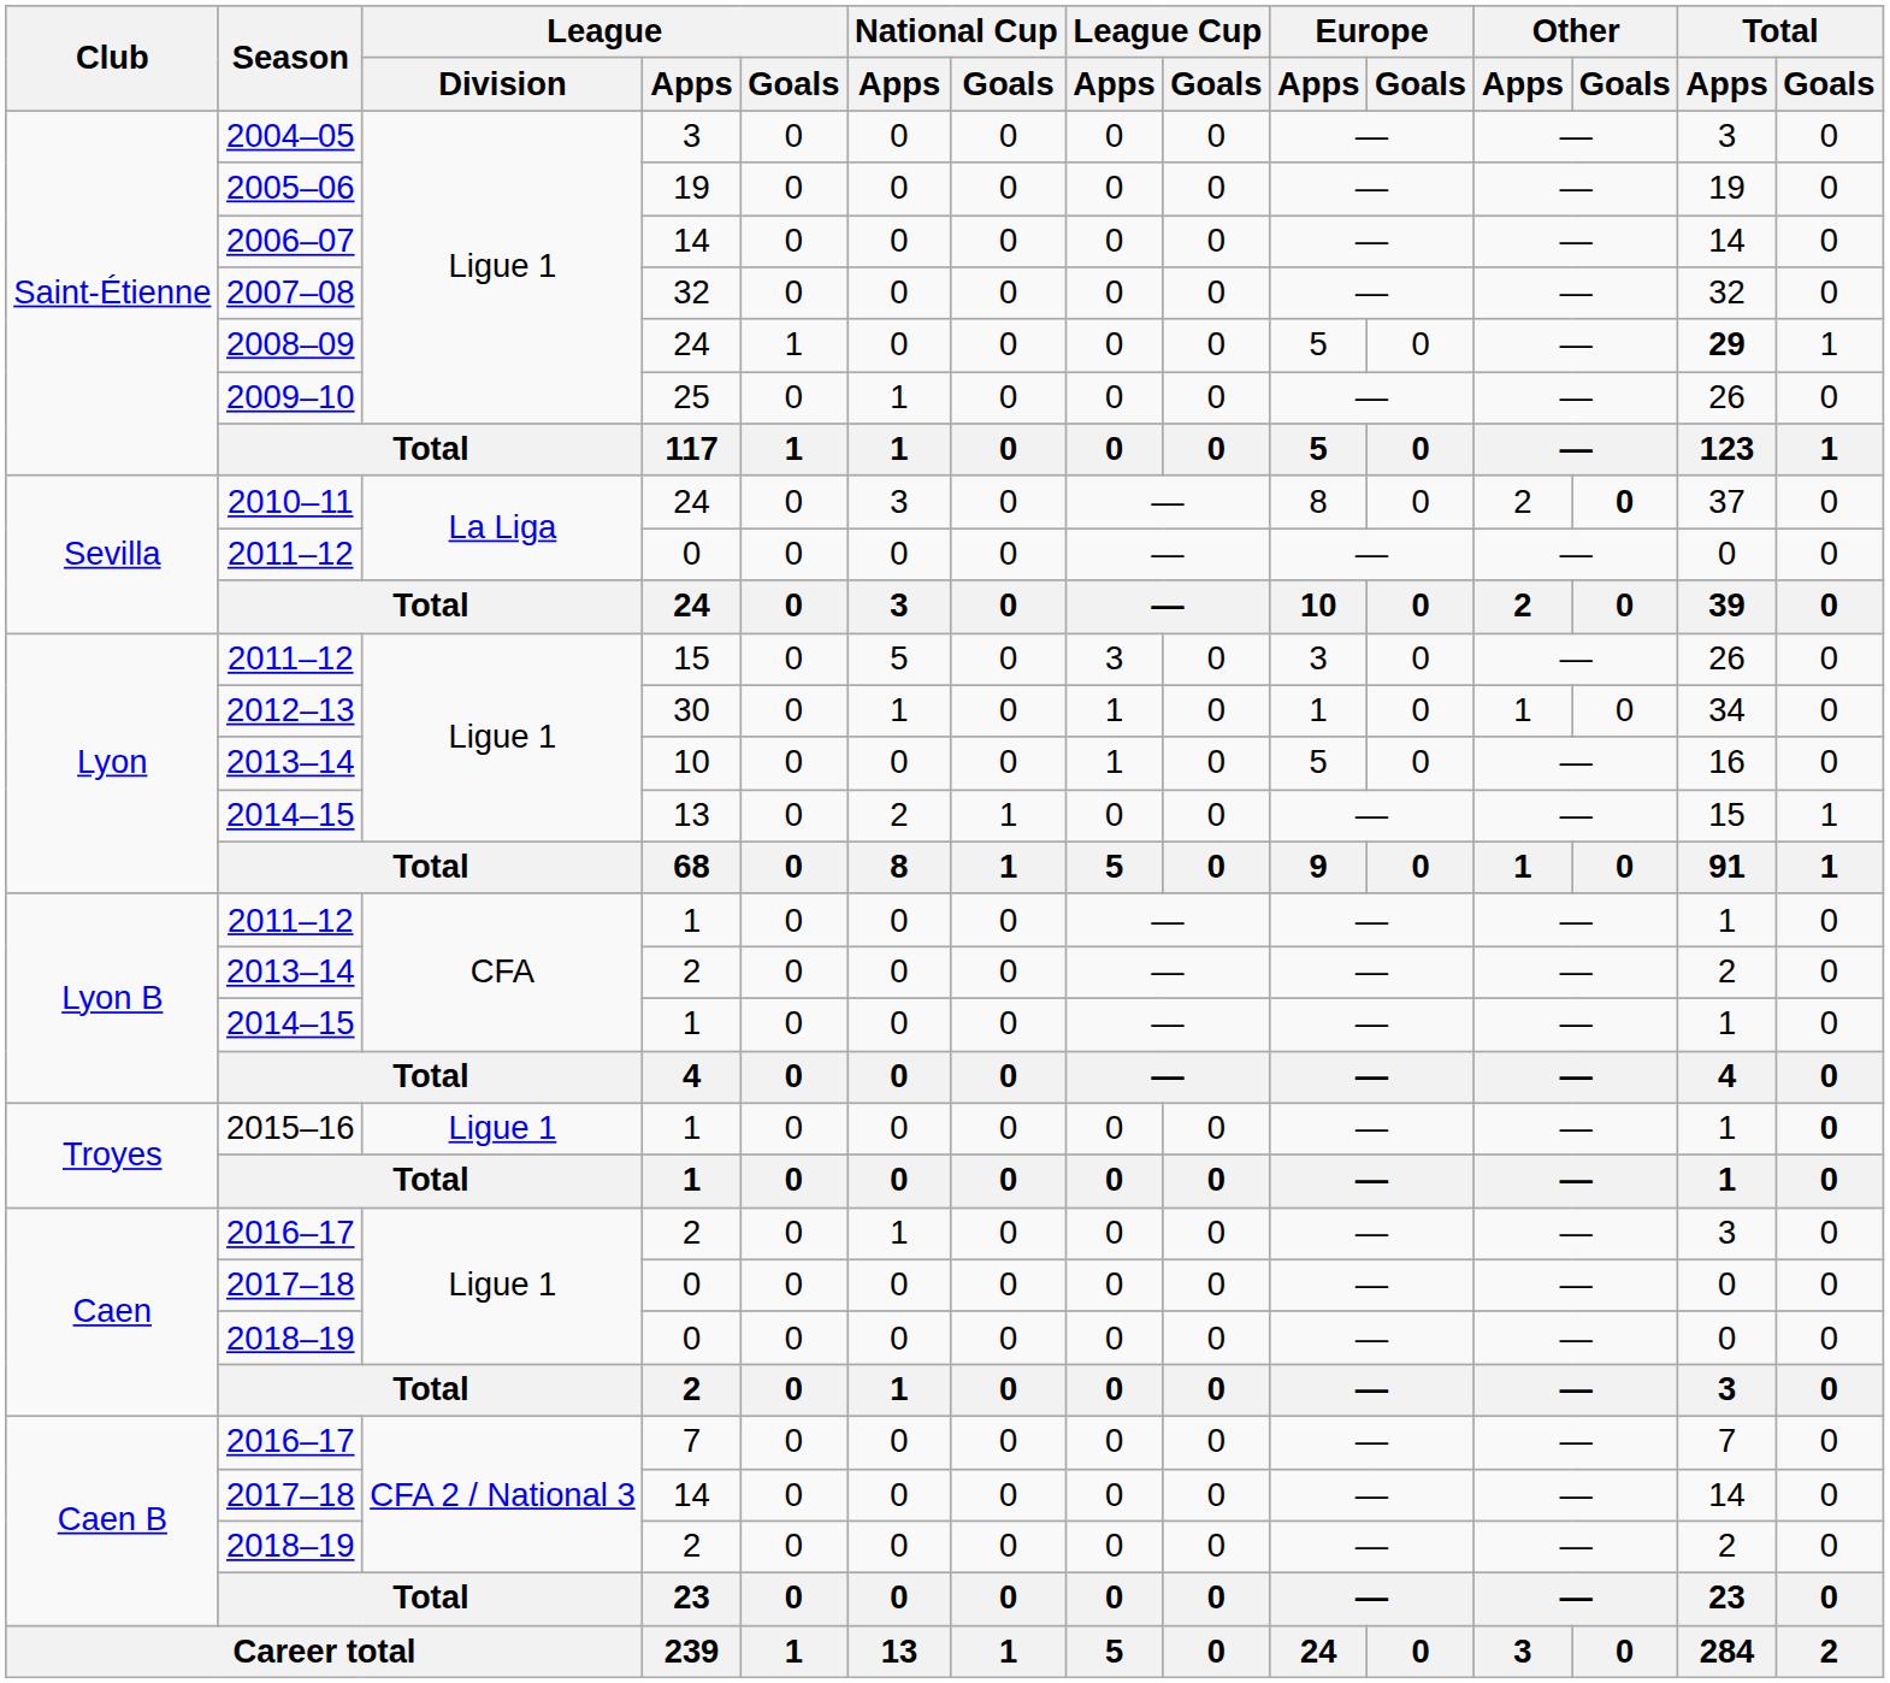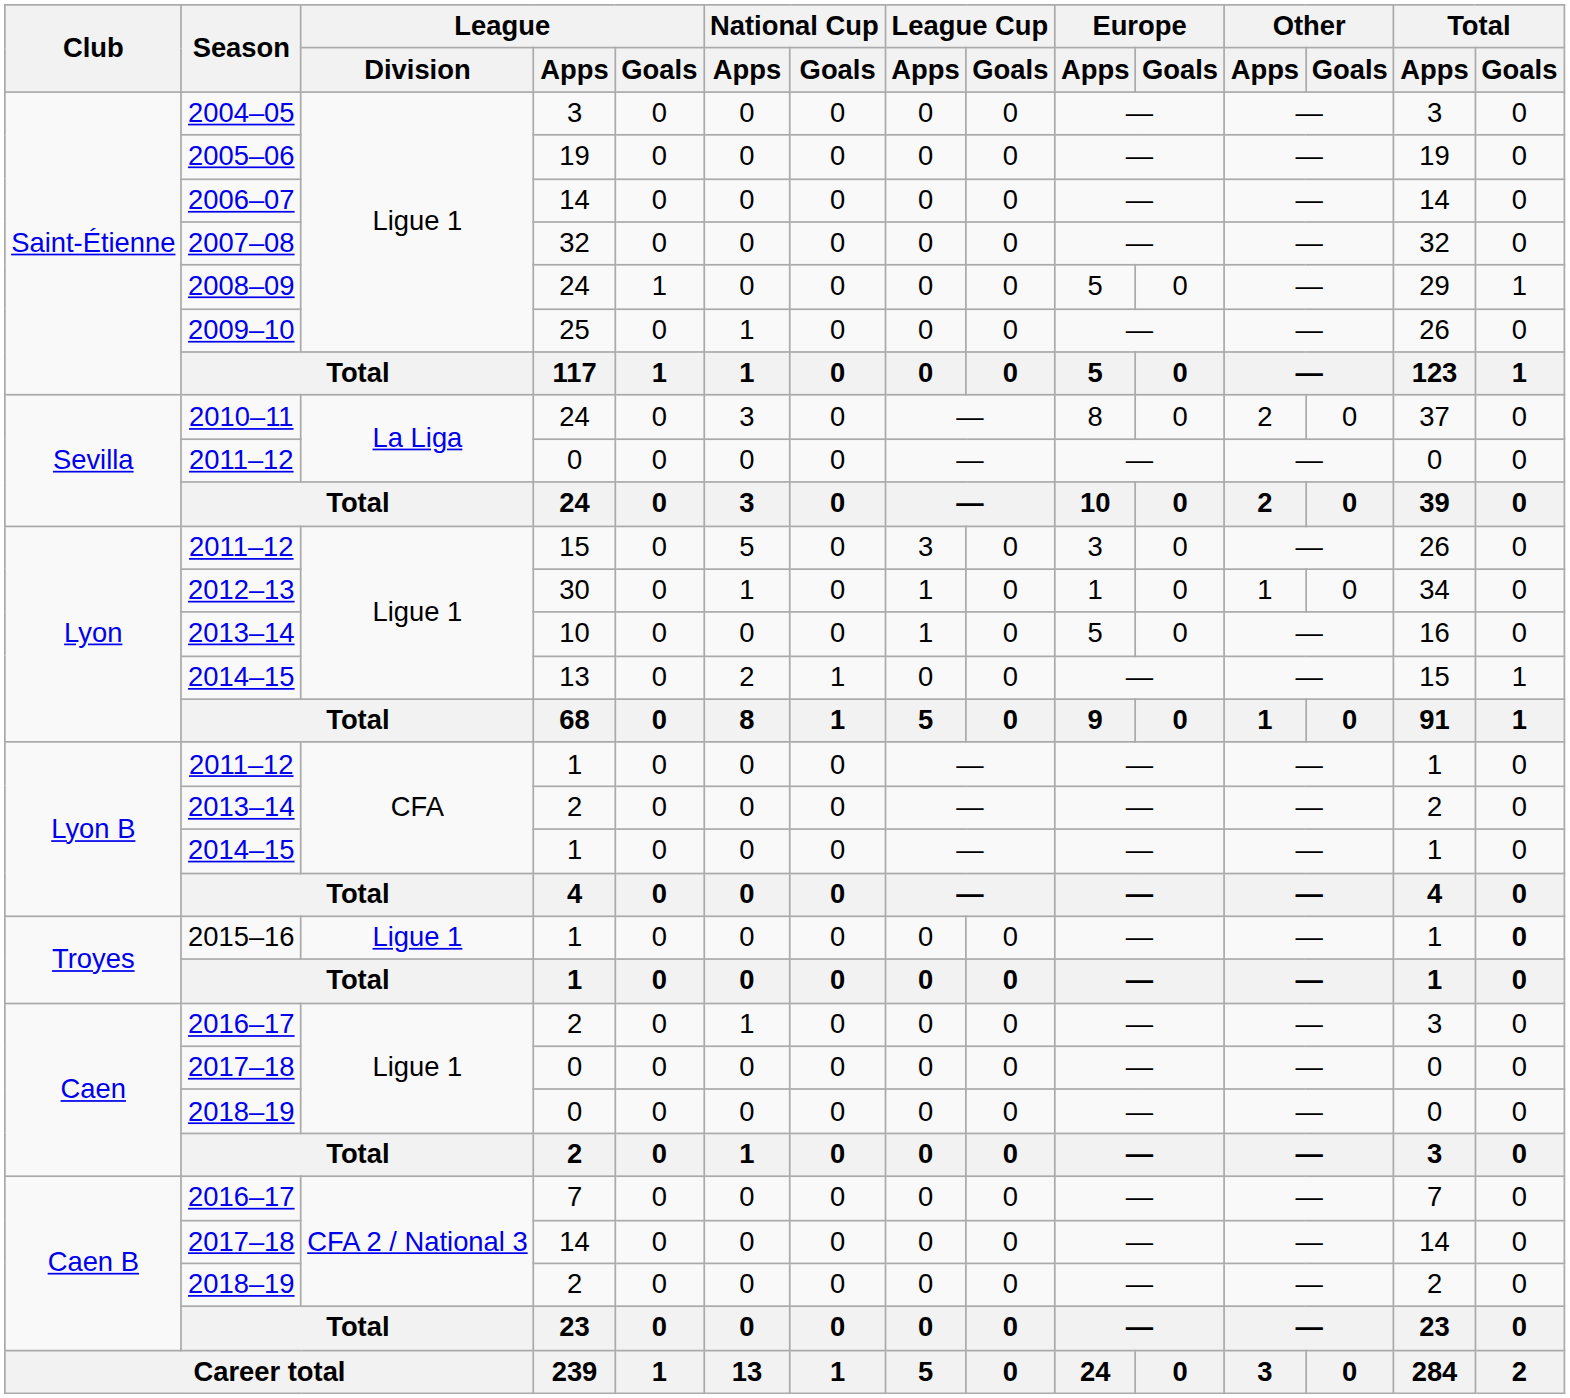 <table class="wikitable" style="text-align: center">
 <tr>
 <th rowspan="2">Club</th>
 <th rowspan="2">Season</th>
 <th colspan="3">League</th>
 <th colspan="2">National Cup</th>
 <th colspan="2">League Cup</th>
 <th colspan="2">Europe</th>
 <th colspan="2">Other</th>
 <th colspan="2">Total</th>
 </tr>
 <tr>
 <th>Division</th>
 <th>Apps</th>
 <th>Goals</th>
 <th>Apps</th>
 <th>Goals</th>
 <th>Apps</th>
 <th>Goals</th>
 <th>Apps</th>
 <th>Goals</th>
 <th>Apps</th>
 <th>Goals</th>
 <th>Apps</th>
 <th>Goals</th>
 </tr>
 <tr>
 <td rowspan=7><a href='#'>Saint-Étienne</a></td>
 <td><a href='#'>2004–05</a></td>
 <td rowspan=6>Ligue 1</td>
 <td>3</td>
 <td>0</td>
 <td>0</td>
 <td>0</td>
 <td>0</td>
 <td>0</td>
 <td colspan="2">—</td>
 <td colspan="2">—</td>
 <td>3</td>
 <td>0</td>
 </tr>
 <tr>
 <td><a href='#'>2005–06</a></td>
 <td>19</td>
 <td>0</td>
 <td>0</td>
 <td>0</td>
 <td>0</td>
 <td>0</td>
 <td colspan="2">—</td>
 <td colspan="2">—</td>
 <td>19</td>
 <td>0</td>
 </tr>
 <tr>
 <td><a href='#'>2006–07</a></td>
 <td>14</td>
 <td>0</td>
 <td>0</td>
 <td>0</td>
 <td>0</td>
 <td>0</td>
 <td colspan="2">—</td>
 <td colspan="2">—</td>
 <td>14</td>
 <td>0</td>
 </tr>
 <tr>
 <td><a href='#'>2007–08</a></td>
 <td>32</td>
 <td>0</td>
 <td>0</td>
 <td>0</td>
 <td>0</td>
 <td>0</td>
 <td colspan="2">—</td>
 <td colspan="2">—</td>
 <td>32</td>
 <td>0</td>
 </tr>
 <tr>
 <td><a href='#'>2008–09</a></td>
 <td>24</td>
 <td>1</td>
 <td>0</td>
 <td>0</td>
 <td>0</td>
 <td>0</td>
 <td>5</td>
 <td>0</td>
 <td colspan="2">—</td>
-<td><strong>29</strong></td>
+<td>29</td>
 <td>1</td>
 </tr>
 <tr>
 <td><a href='#'>2009–10</a></td>
 <td>25</td>
 <td>0</td>
 <td>1</td>
 <td>0</td>
 <td>0</td>
 <td>0</td>
 <td colspan="2">—</td>
 <td colspan="2">—</td>
 <td>26</td>
 <td>0</td>
 </tr>
 <tr>
 <th colspan="2">Total</th>
 <th>117</th>
 <th>1</th>
 <th>1</th>
 <th>0</th>
 <th>0</th>
 <th>0</th>
 <th>5</th>
 <th>0</th>
 <th colspan="2">—</th>
 <th>123</th>
 <th>1</th>
 </tr>
 <tr>
 <td rowspan="3"><a href='#'>Sevilla</a></td>
 <td><a href='#'>2010–11</a></td>
 <td rowspan="2"><a href='#'>La Liga</a></td>
 <td>24</td>
 <td>0</td>
 <td>3</td>
 <td>0</td>
 <td colspan="2">—</td>
 <td>8</td>
 <td>0</td>
 <td>2</td>
-<td><strong>0</strong></td>
+<td>0</td>
 <td>37</td>
 <td>0</td>
 </tr>
 <tr>
 <td><a href='#'>2011–12</a></td>
 <td>0</td>
 <td>0</td>
 <td>0</td>
 <td>0</td>
 <td colspan="2">—</td>
 <td colspan="2">—</td>
 <td colspan="2">—</td>
 <td>0</td>
 <td>0</td>
 </tr>
 <tr>
 <th colspan="2">Total</th>
 <th>24</th>
 <th>0</th>
 <th>3</th>
 <th>0</th>
 <th colspan="2">—</th>
 <th>10</th>
 <th>0</th>
 <th>2</th>
 <th>0</th>
 <th>39</th>
 <th>0</th>
 </tr>
 <tr>
 <td rowspan=5><a href='#'>Lyon</a></td>
 <td><a href='#'>2011–12</a></td>
 <td rowspan=4>Ligue 1</td>
 <td>15</td>
 <td>0</td>
 <td>5</td>
 <td>0</td>
 <td>3</td>
 <td>0</td>
 <td>3</td>
 <td>0</td>
 <td colspan="2">—</td>
 <td>26</td>
 <td>0</td>
 </tr>
 <tr>
 <td><a href='#'>2012–13</a></td>
 <td>30</td>
 <td>0</td>
 <td>1</td>
 <td>0</td>
 <td>1</td>
 <td>0</td>
 <td>1</td>
 <td>0</td>
 <td>1</td>
 <td>0</td>
 <td>34</td>
 <td>0</td>
 </tr>
 <tr>
 <td><a href='#'>2013–14</a></td>
 <td>10</td>
 <td>0</td>
 <td>0</td>
 <td>0</td>
 <td>1</td>
 <td>0</td>
 <td>5</td>
 <td>0</td>
 <td colspan="2">—</td>
 <td>16</td>
 <td>0</td>
 </tr>
 <tr>
 <td><a href='#'>2014–15</a></td>
 <td>13</td>
 <td>0</td>
 <td>2</td>
 <td>1</td>
 <td>0</td>
 <td>0</td>
 <td colspan="2">—</td>
 <td colspan="2">—</td>
 <td>15</td>
 <td>1</td>
 </tr>
 <tr>
 <th colspan="2">Total</th>
 <th>68</th>
 <th>0</th>
 <th>8</th>
 <th>1</th>
 <th>5</th>
 <th>0</th>
 <th>9</th>
 <th>0</th>
 <th>1</th>
 <th>0</th>
 <th>91</th>
 <th>1</th>
 </tr>
 <tr>
 <td rowspan=4><a href='#'>Lyon B</a></td>
 <td><a href='#'>2011–12</a></td>
 <td rowspan="3">CFA</td>
 <td>1</td>
 <td>0</td>
 <td>0</td>
 <td>0</td>
 <td colspan="2">—</td>
 <td colspan="2">—</td>
 <td colspan="2">—</td>
 <td>1</td>
 <td>0</td>
 </tr>
 <tr>
 <td><a href='#'>2013–14</a></td>
 <td>2</td>
 <td>0</td>
 <td>0</td>
 <td>0</td>
 <td colspan="2">—</td>
 <td colspan="2">—</td>
 <td colspan="2">—</td>
 <td>2</td>
 <td>0</td>
 </tr>
 <tr>
 <td><a href='#'>2014–15</a></td>
 <td>1</td>
 <td>0</td>
 <td>0</td>
 <td>0</td>
 <td colspan="2">—</td>
 <td colspan="2">—</td>
 <td colspan="2">—</td>
 <td>1</td>
 <td>0</td>
 </tr>
 <tr>
 <th colspan="2">Total</th>
 <th>4</th>
 <th>0</th>
 <th>0</th>
 <th>0</th>
 <th colspan="2">—</th>
 <th colspan="2">—</th>
 <th colspan="2">—</th>
 <th>4</th>
 <th>0</th>
 </tr>
 <tr>
 <td rowspan="2"><a href='#'>Troyes</a></td>
 <td>2015–16</td>
 <td><a href='#'>Ligue 1</a></td>
 <td>1</td>
 <td>0</td>
 <td>0</td>
 <td>0</td>
 <td>0</td>
 <td>0</td>
 <td colspan="2">—</td>
 <td colspan="2">—</td>
 <td>1</td>
 <td><strong>0</strong></td>
 </tr>
 <tr>
 <th colspan="2">Total</th>
 <th>1</th>
 <th>0</th>
 <th>0</th>
 <th>0</th>
 <th>0</th>
 <th>0</th>
 <th colspan="2">—</th>
 <th colspan="2">—</th>
 <th>1</th>
 <th>0</th>
 </tr>
 <tr>
 <td rowspan="4"><a href='#'>Caen</a></td>
 <td><a href='#'>2016–17</a></td>
 <td rowspan="3">Ligue 1</td>
 <td>2</td>
 <td>0</td>
 <td>1</td>
 <td>0</td>
 <td>0</td>
 <td>0</td>
 <td colspan="2">—</td>
 <td colspan="2">—</td>
 <td>3</td>
 <td>0</td>
 </tr>
 <tr>
 <td><a href='#'>2017–18</a></td>
 <td>0</td>
 <td>0</td>
 <td>0</td>
 <td>0</td>
 <td>0</td>
 <td>0</td>
 <td colspan="2">—</td>
 <td colspan="2">—</td>
 <td>0</td>
 <td>0</td>
 </tr>
 <tr>
 <td><a href='#'>2018–19</a></td>
 <td>0</td>
 <td>0</td>
 <td>0</td>
 <td>0</td>
 <td>0</td>
 <td>0</td>
 <td colspan="2">—</td>
 <td colspan="2">—</td>
 <td>0</td>
 <td>0</td>
 </tr>
 <tr>
 <th colspan="2">Total</th>
 <th>2</th>
 <th>0</th>
 <th>1</th>
 <th>0</th>
 <th>0</th>
 <th>0</th>
 <th colspan="2">—</th>
 <th colspan="2">—</th>
 <th>3</th>
 <th>0</th>
 </tr>
 <tr>
 <td rowspan="4"><a href='#'>Caen B</a></td>
 <td><a href='#'>2016–17</a></td>
 <td rowspan="3"><a href='#'>CFA 2 / National 3</a></td>
 <td>7</td>
 <td>0</td>
 <td>0</td>
 <td>0</td>
 <td>0</td>
 <td>0</td>
 <td colspan="2">—</td>
 <td colspan="2">—</td>
 <td>7</td>
 <td>0</td>
 </tr>
 <tr>
 <td><a href='#'>2017–18</a></td>
 <td>14</td>
 <td>0</td>
 <td>0</td>
 <td>0</td>
 <td>0</td>
 <td>0</td>
 <td colspan="2">—</td>
 <td colspan="2">—</td>
 <td>14</td>
 <td>0</td>
 </tr>
 <tr>
 <td><a href='#'>2018–19</a></td>
 <td>2</td>
 <td>0</td>
 <td>0</td>
 <td>0</td>
 <td>0</td>
 <td>0</td>
 <td colspan="2">—</td>
 <td colspan="2">—</td>
 <td>2</td>
 <td>0</td>
 </tr>
 <tr>
 <th colspan="2">Total</th>
 <th>23</th>
 <th>0</th>
 <th>0</th>
 <th>0</th>
 <th>0</th>
 <th>0</th>
 <th colspan="2">—</th>
 <th colspan="2">—</th>
 <th>23</th>
 <th>0</th>
 </tr>
 <tr>
 <th colspan="3">Career total</th>
 <th>239</th>
 <th>1</th>
 <th>13</th>
 <th>1</th>
 <th>5</th>
 <th>0</th>
 <th>24</th>
 <th>0</th>
 <th>3</th>
 <th>0</th>
 <th>284</th>
 <th>2</th>
 </tr>
 </table>
